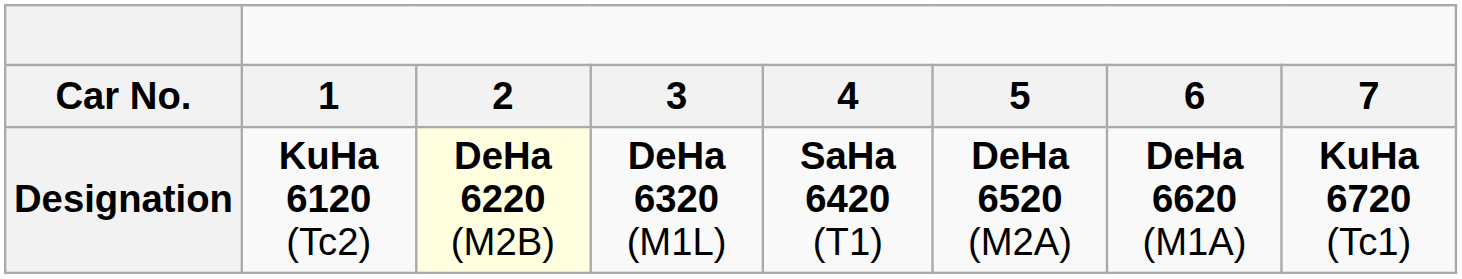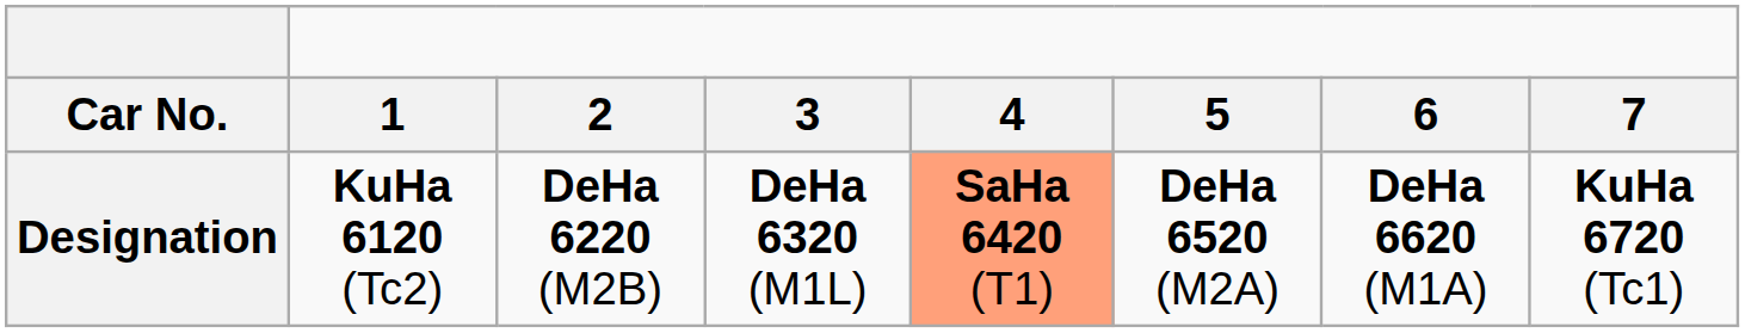 <table class="wikitable" style="text-align:center">
 <tr style="border-bottom: 4px solid #">
 <th> </th>
 <td colspan="7"> </td>
 </tr>
 <tr>
 <th>Car No.</th>
 <th>1</th>
 <th>2</th>
 <th>3</th>
 <th>4</th>
 <th>5</th>
 <th>6</th>
 <th>7</th>
 </tr>
 <tr>
 <th>Designation</th>
 <td><strong>KuHa 6120</strong><br>(Tc2)</td>
-<td style="background: lightyellow;"><strong>DeHa 6220</strong><br> (M2B)</td>
+<td><strong>DeHa 6220</strong><br> (M2B)</td>
 <td style="background-color: #"><strong>DeHa 6320</strong><br> (M1L)</td>
-<td><strong>SaHa 6420</strong><br> (T1)</td>
+<td style="background: lightsalmon;"><strong>SaHa 6420</strong><br> (T1)</td>
 <td><strong>DeHa 6520</strong><br> (M2A)</td>
 <td><strong>DeHa 6620</strong><br> (M1A)</td>
 <td><strong>KuHa 6720</strong><br> (Tc1)</td>
 </tr>
 </table>
